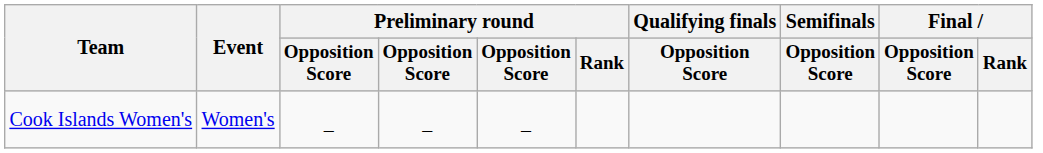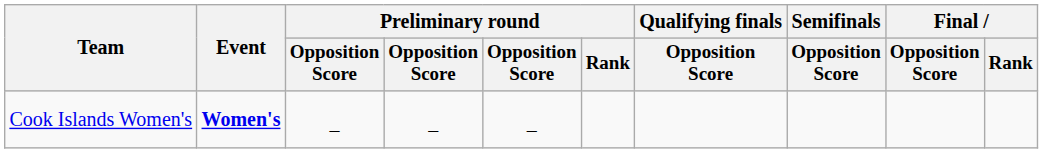 <table class=wikitable style=font-size:90%;text-align:center>
 <tr>
 <th rowspan=2>Team</th>
 <th rowspan=2>Event</th>
 <th colspan=4>Preliminary round</th>
 <th>Qualifying finals</th>
 <th>Semifinals</th>
 <th colspan=2>Final / </th>
 </tr>
 <tr style=font-size:95%>
 <th>Opposition<br>Score</th>
 <th>Opposition<br>Score</th>
 <th>Opposition<br>Score</th>
 <th>Rank</th>
 <th>Opposition<br>Score</th>
 <th>Opposition<br>Score</th>
 <th>Opposition<br>Score</th>
 <th>Rank</th>
 </tr>
 <tr>
 <td align=left><a href='#'>Cook Islands Women's</a></td>
-<td align=left><a href='#'>Women's</a></td>
+<td align=left><strong><a href='#'>Women's</a></strong></td>
 <td><br> –</td>
 <td><br> –</td>
 <td><br> –</td>
 <td></td>
 <td></td>
 <td></td>
 <td></td>
 <td></td>
 </tr>
 </table>
